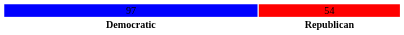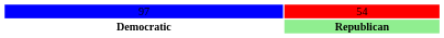 <table style="width:50%; text-align:center;">
 <tr>
 <td style="background:blue; width:64.24%;">97</td>
 <td style="background:red; width:35.76%;">54</td>
 </tr>
 <tr>
 <td><span><strong>Democratic</strong></span></td>
-<td><span><strong>Republican</strong></span></td>
+<td style="background: lightgreen;"><span><strong>Republican</strong></span></td>
 </tr>
 </table>
